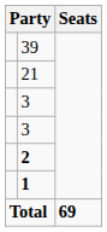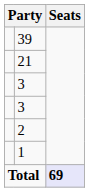 <table class="wikitable">
 <tr>
 <th colspan=2>Party</th>
 <th>Seats</th>
 </tr>
 <tr>
 <td></td>
 <td>39</td>
 </tr>
 <tr>
 <td></td>
 <td>21</td>
 </tr>
 <tr>
 <td></td>
 <td>3</td>
 </tr>
 <tr>
 <td></td>
 <td>3</td>
 </tr>
 <tr>
 <td></td>
-<td><strong>2</strong></td>
+<td>2</td>
 </tr>
 <tr>
 <td></td>
-<td><strong>1</strong></td>
+<td>1</td>
 </tr>
 <tr>
 <td colspan="2"><strong>Total</strong></td>
-<td><strong>69</strong></td>
+<td style="background: lavender;"><strong>69</strong></td>
 </tr>
 </table>
